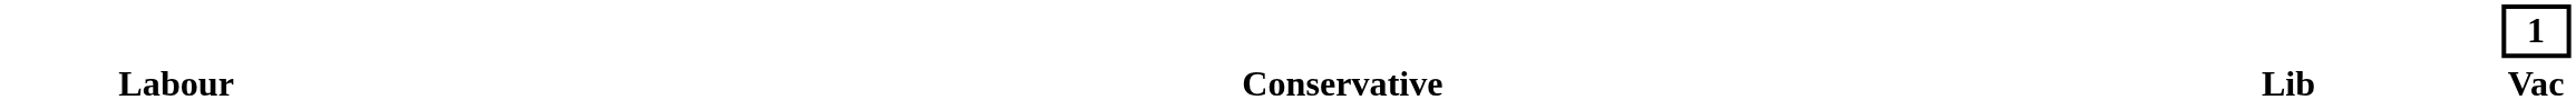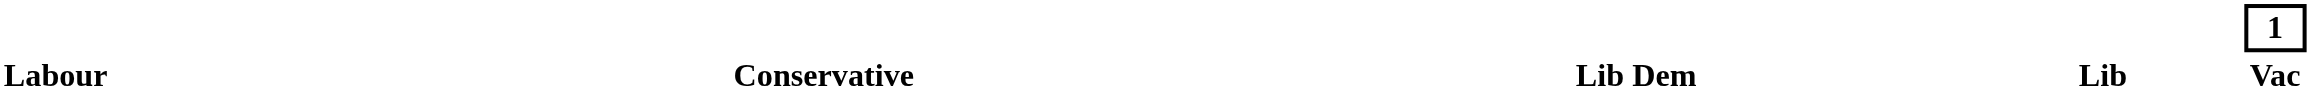 <table style="width:100%; text-align:center;">
 <tr style="color:white;">
 <td style="background-color:"><strong>16</strong></td>
 <td style="background-color:"><strong>13</strong></td>
+<td style="background-color:"><strong>9</strong></td>
 <td style="background-color:"><strong>2</strong></td>
 <td style="color:black; border:2px solid black; width:2.5%;"><strong>1</strong></td>
 </tr>
 <tr>
 <td><span><strong>Labour</strong></span></td>
 <td><span><strong>Conservative</strong></span></td>
+<td><span><strong>Lib Dem</strong></span></td>
 <td><span><strong>Lib</strong></span></td>
 <td><span><strong>Vac</strong></span></td>
 </tr>
 </table>
